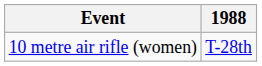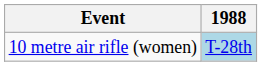 <table class="wikitable" style="text-align: center">
 <tr>
 <th>Event</th>
 <th>1988</th>
 </tr>
 <tr>
 <td align=left><a href='#'>10 metre air rifle</a> (women)</td>
-<td><a href='#'>T-28th</a></td>
+<td style="background: lightblue;"><a href='#'>T-28th</a></td>
 </tr>
 </table>
